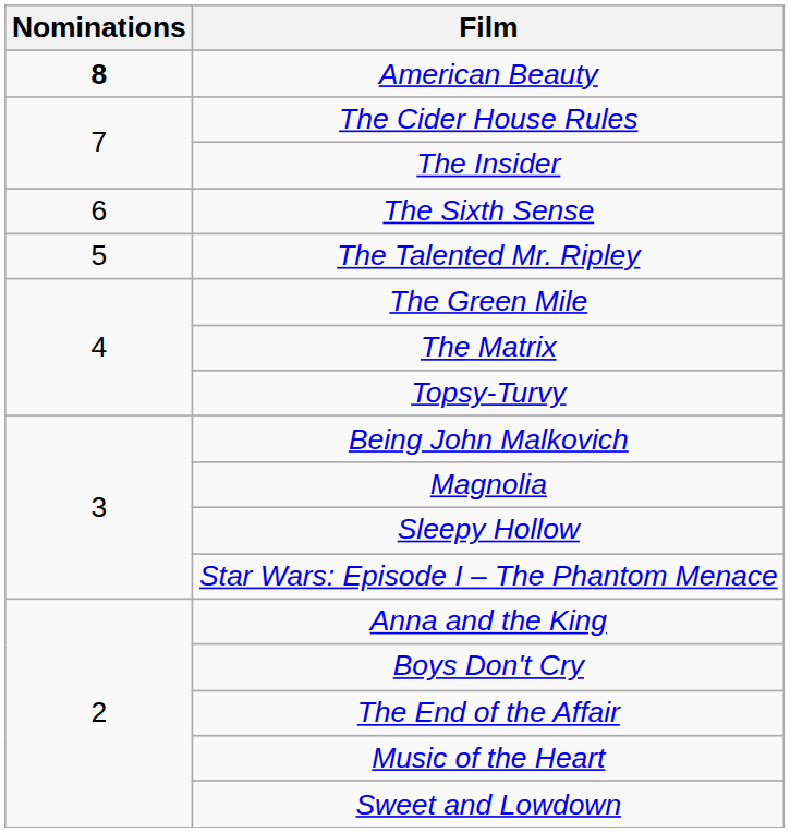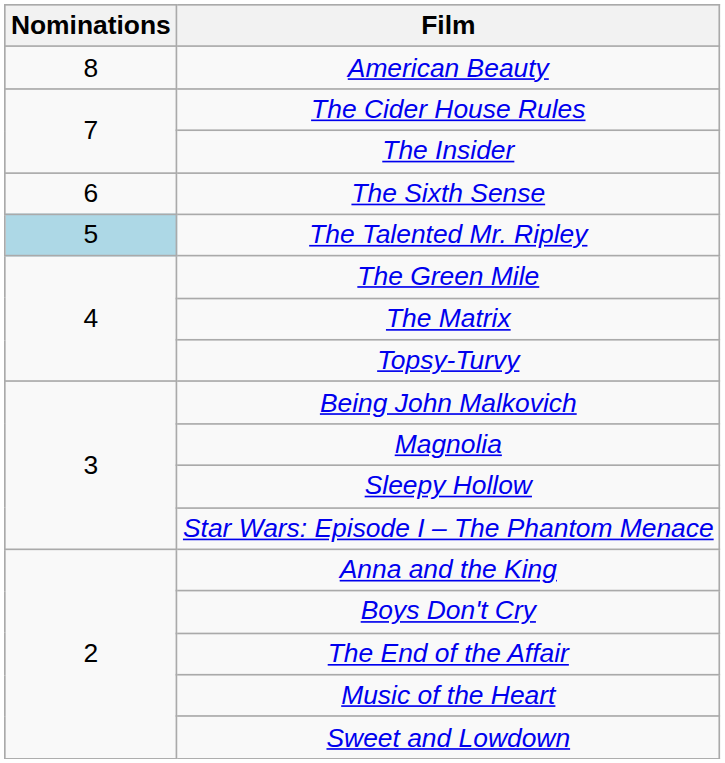 <table class="wikitable" style="text-align: center;">
 <tr>
 <th scope="col" width="55">Nominations</th>
 <th scope="col" align="center">Film</th>
 </tr>
 <tr>
-<td style="text-align: center;"><strong>8</strong></td>
+<td style="text-align: center;">8</td>
 <td><em><a href='#'>American Beauty</a></em></td>
 </tr>
 <tr>
 <td rowspan=2 style="text-align:center">7</td>
 <td><em><a href='#'>The Cider House Rules</a></em></td>
 </tr>
 <tr>
 <td><em><a href='#'>The Insider</a></em></td>
 </tr>
 <tr>
 <td style="text-align: center;">6</td>
 <td><em><a href='#'>The Sixth Sense</a></em></td>
 </tr>
 <tr>
-<td style="text-align: center;">5</td>
+<td style="background: lightblue; text-align: center;">5</td>
 <td><em><a href='#'>The Talented Mr. Ripley</a></em></td>
 </tr>
 <tr>
 <td rowspan=3 style="text-align:center">4</td>
 <td><em><a href='#'>The Green Mile</a></em></td>
 </tr>
 <tr>
 <td><em><a href='#'>The Matrix</a></em></td>
 </tr>
 <tr>
 <td><em><a href='#'>Topsy-Turvy</a></em></td>
 </tr>
 <tr>
 <td rowspan=4 style="text-align:center">3</td>
 <td><em><a href='#'>Being John Malkovich</a></em></td>
 </tr>
 <tr>
 <td><em><a href='#'>Magnolia</a></em></td>
 </tr>
 <tr>
 <td><em><a href='#'>Sleepy Hollow</a></em></td>
 </tr>
 <tr>
 <td><em><a href='#'>Star Wars: Episode I – The Phantom Menace</a></em></td>
 </tr>
 <tr>
 <td rowspan=5 style="text-align:center">2</td>
 <td><em><a href='#'>Anna and the King</a></em></td>
 </tr>
 <tr>
 <td><em><a href='#'>Boys Don't Cry</a></em></td>
 </tr>
 <tr>
 <td><em><a href='#'>The End of the Affair</a></em></td>
 </tr>
 <tr>
 <td><em><a href='#'>Music of the Heart</a></em></td>
 </tr>
 <tr>
 <td><em><a href='#'>Sweet and Lowdown</a></em></td>
 </tr>
 </table>
